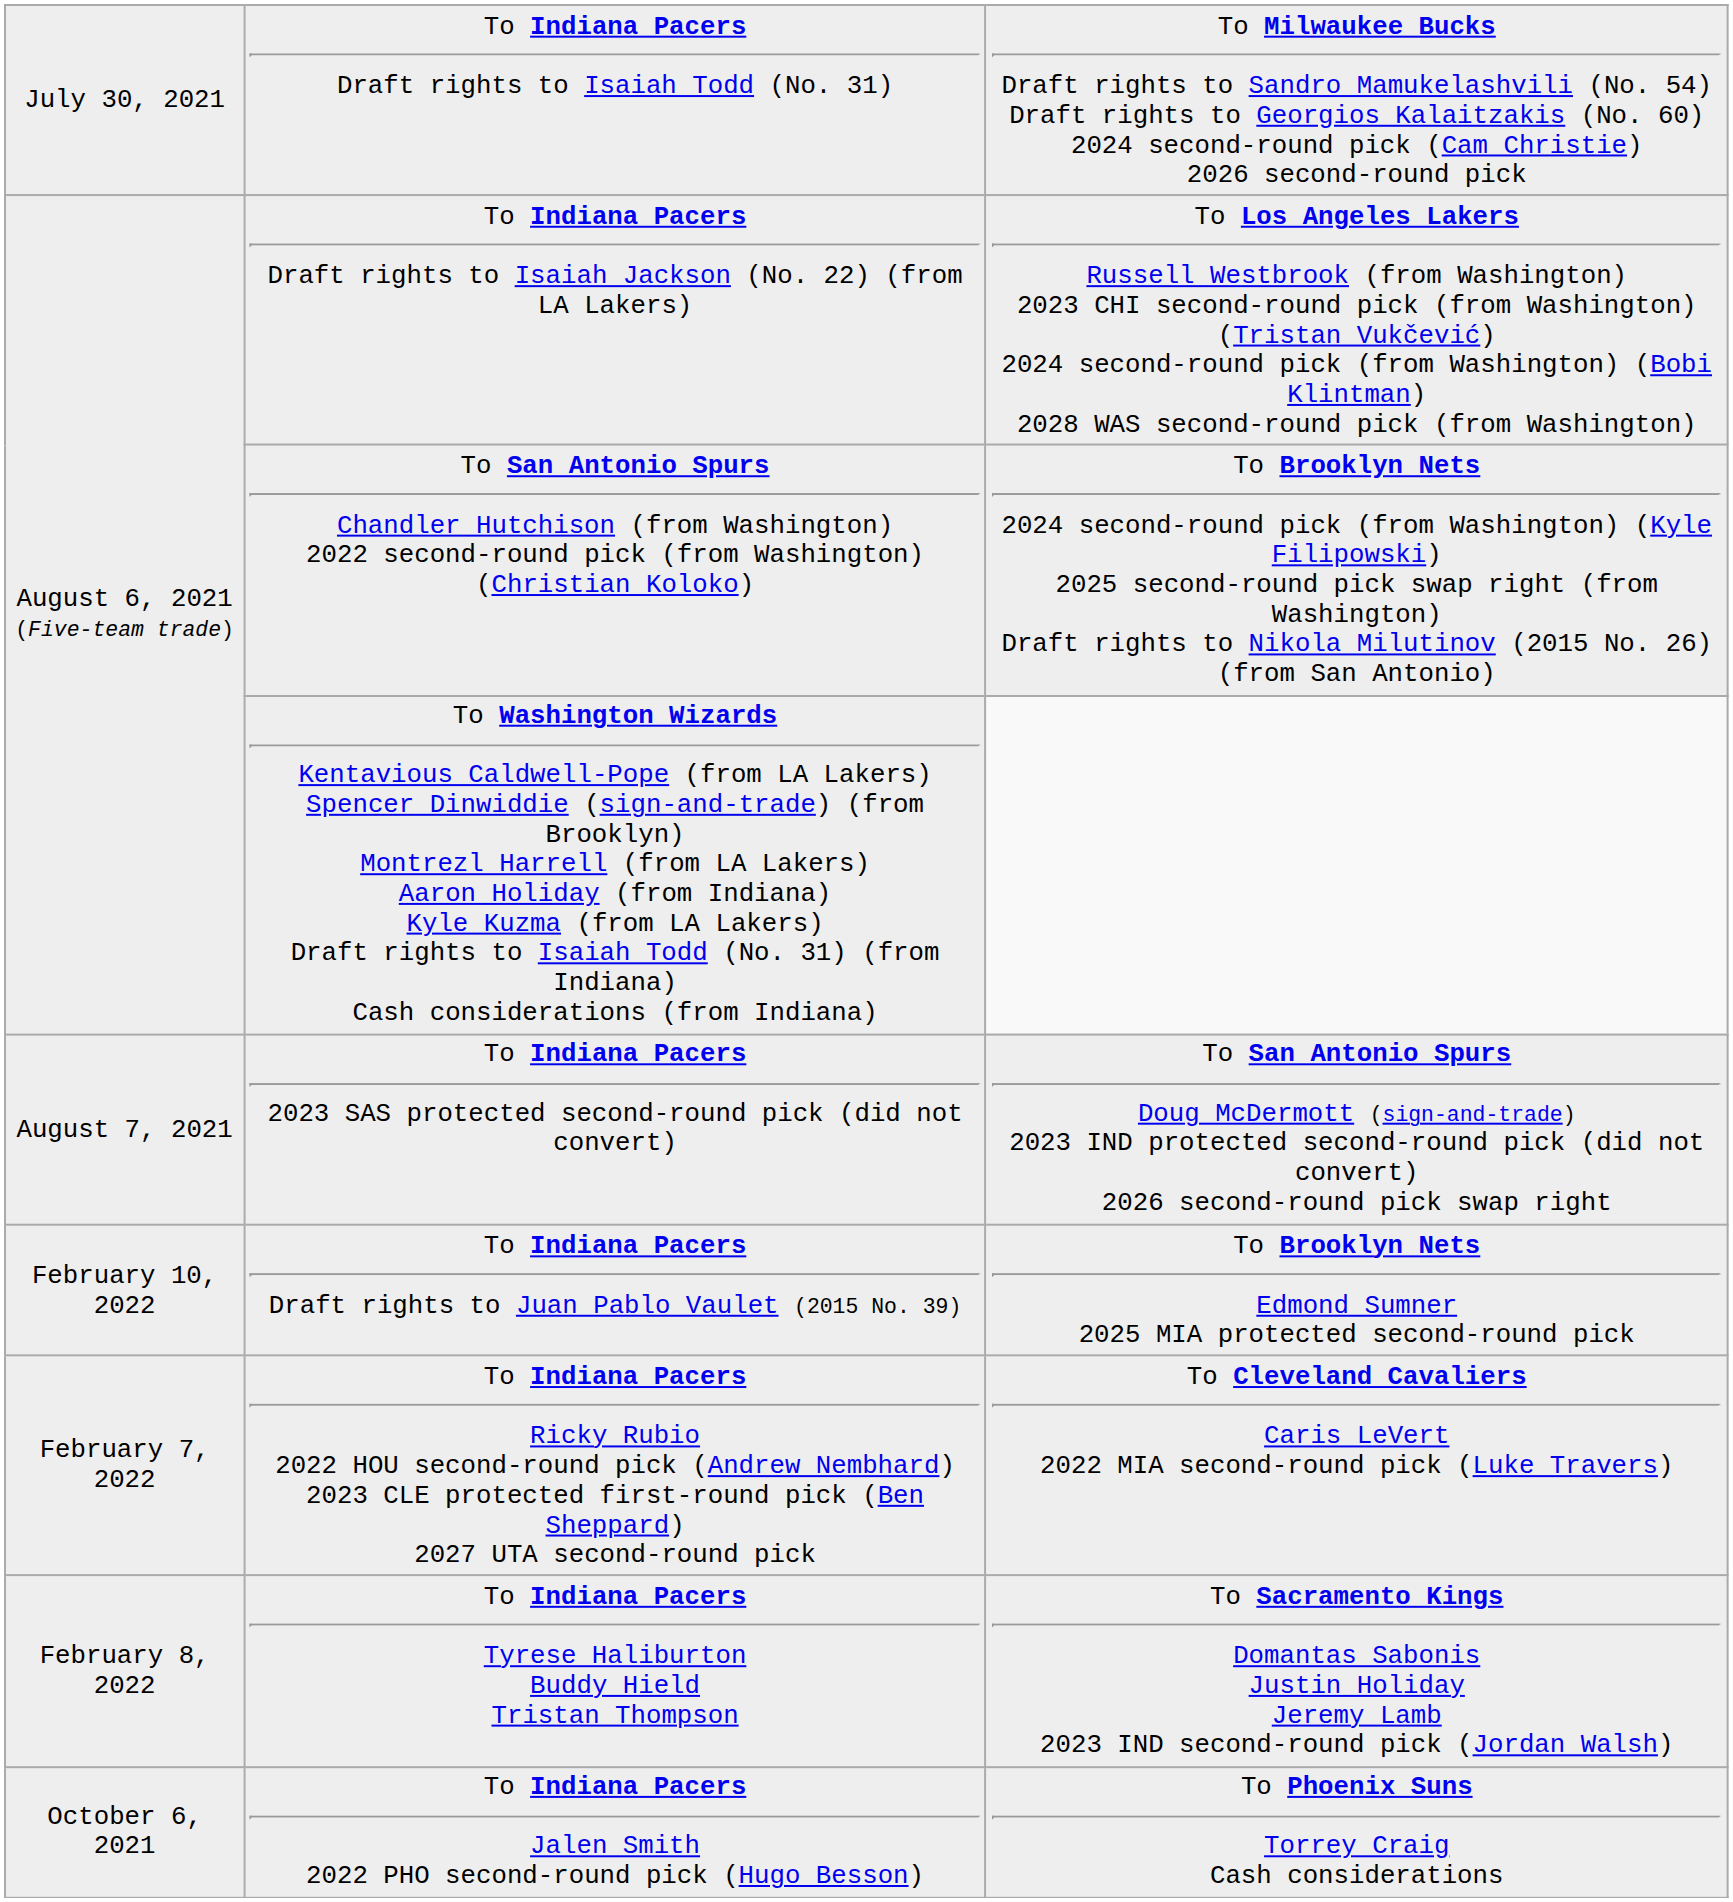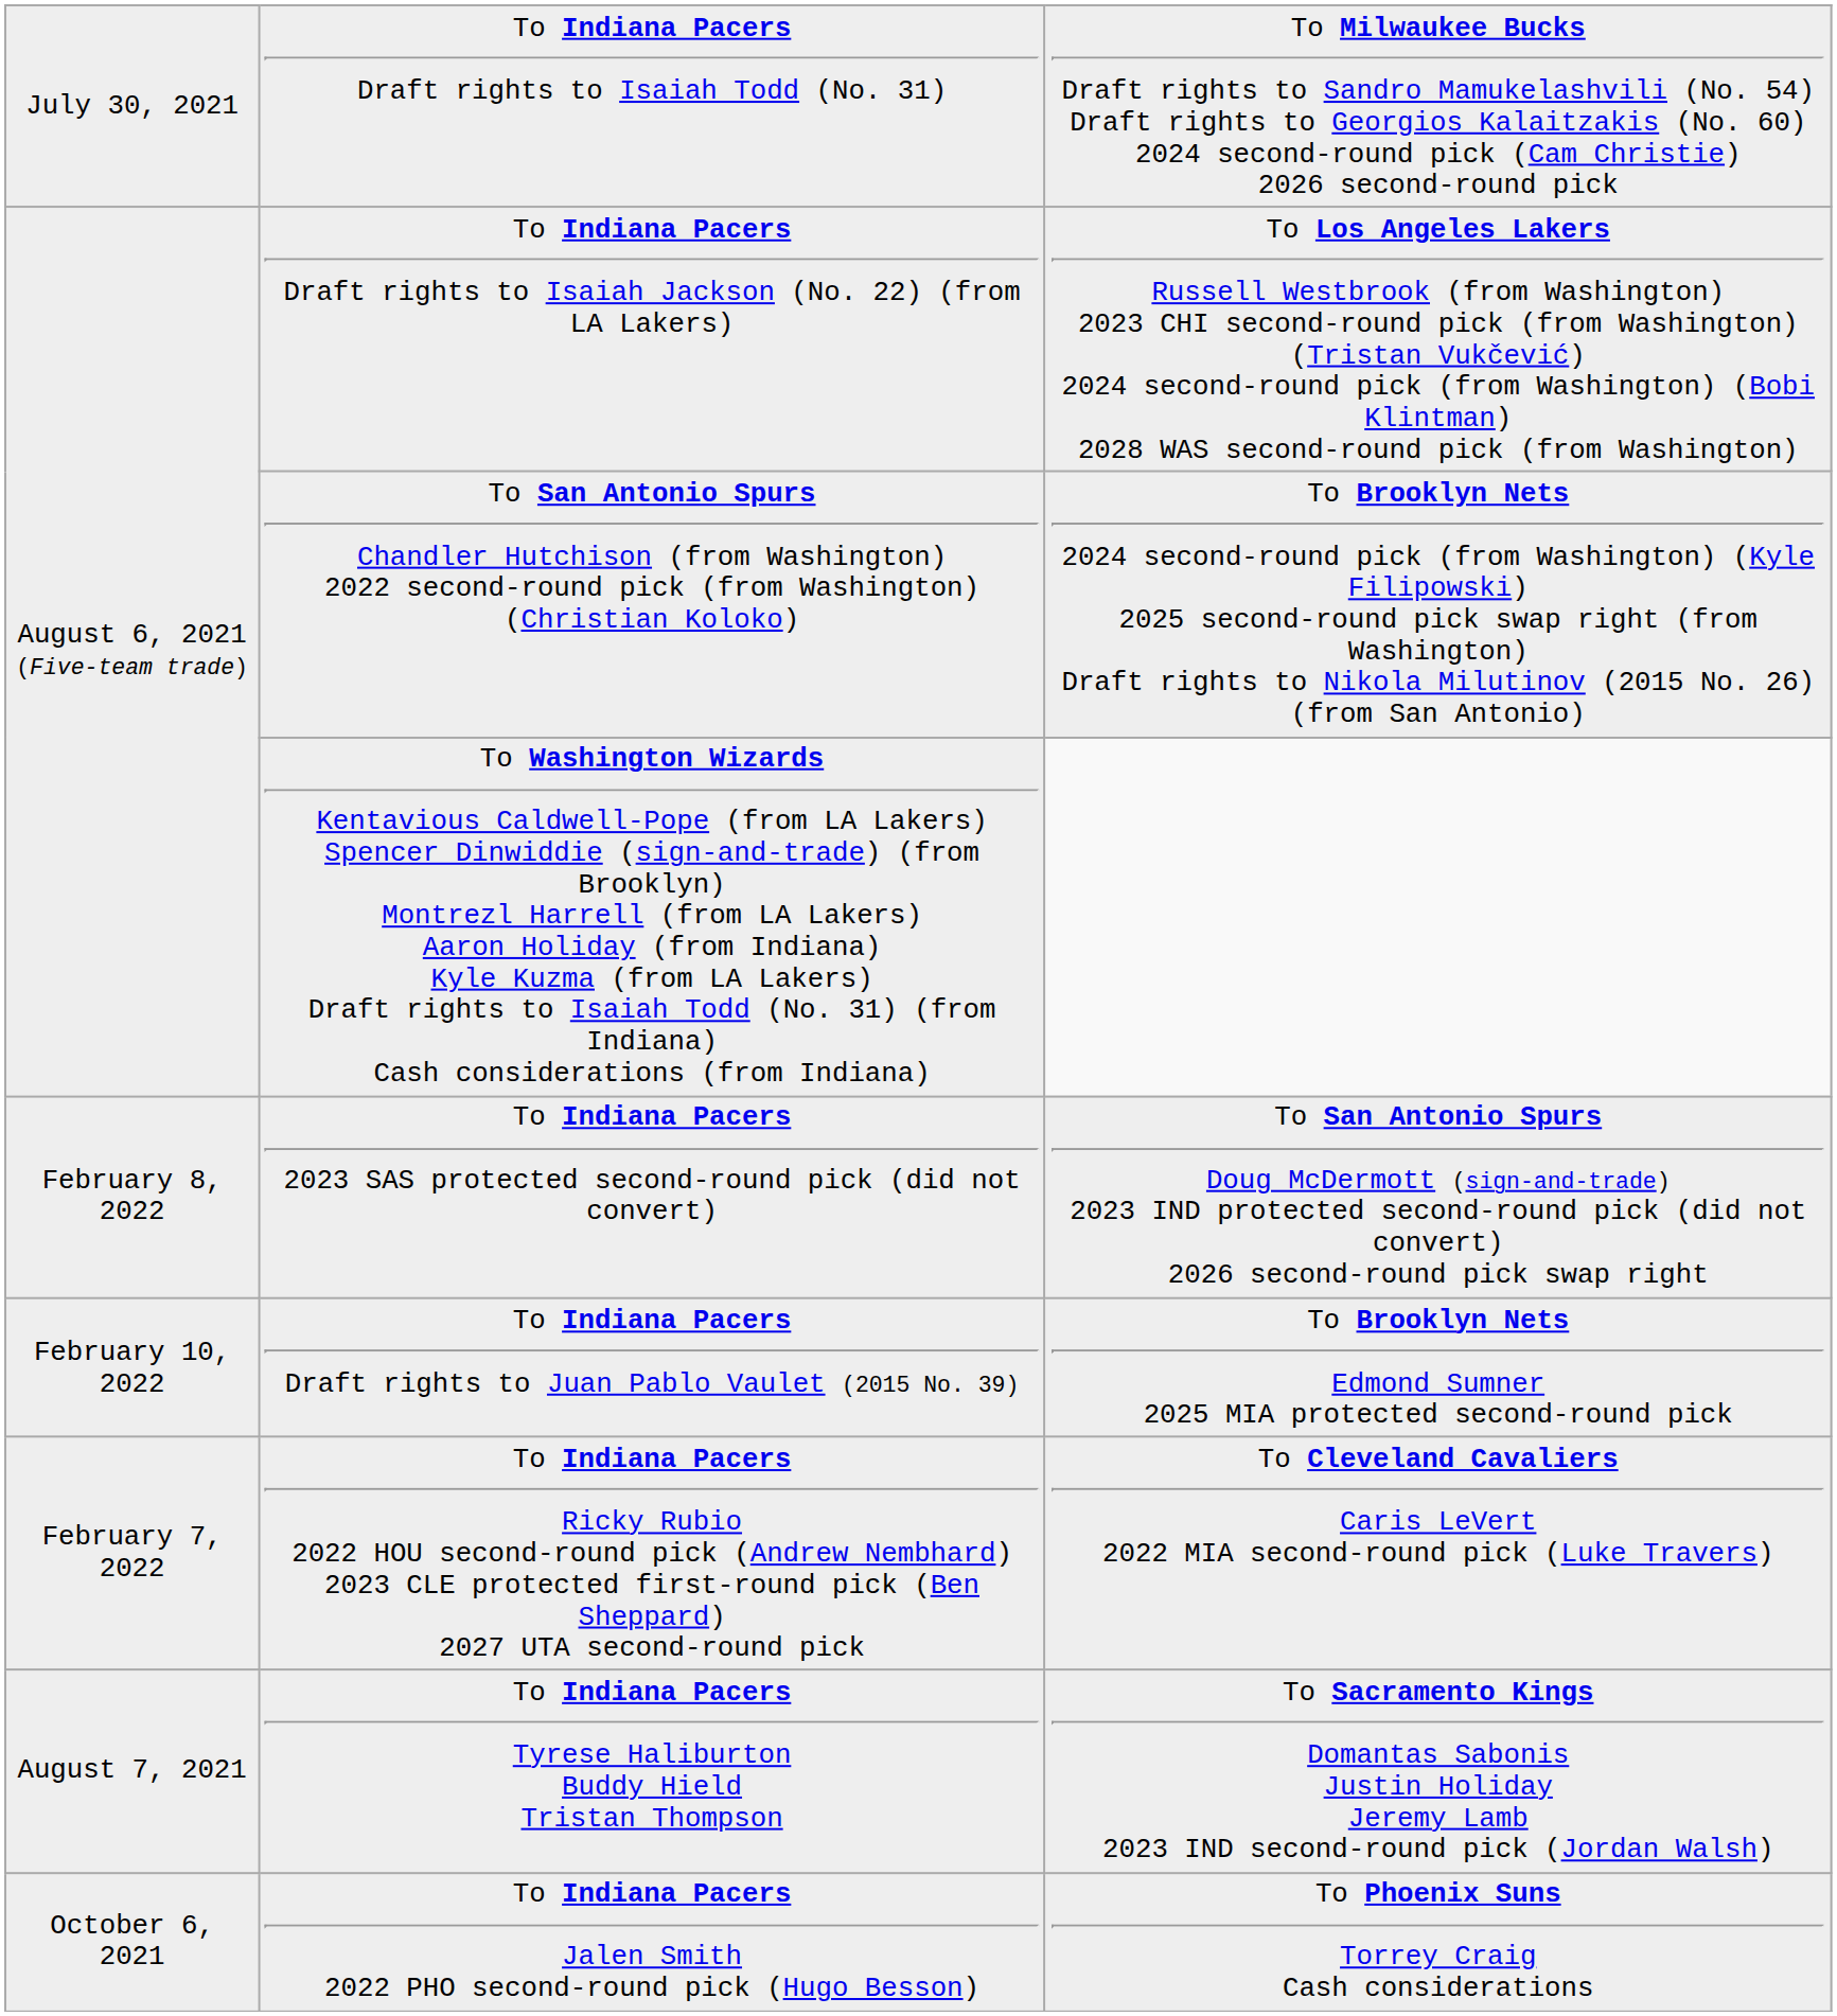 <table class="wikitable sortable sortable" style="text-align: center">
 <tr style="background:#eee;">
 <td style="width:10%">July 30, 2021</td>
 <td style="width:31%; vertical-align:top;">To <strong><a href='#'>Indiana Pacers</a></strong><hr>Draft rights to <a href='#'>Isaiah Todd</a> (No. 31)</td>
 <td style="width:31%; vertical-align:top;">To <strong><a href='#'>Milwaukee Bucks</a></strong><hr>Draft rights to <a href='#'>Sandro Mamukelashvili</a> (No. 54)<br>Draft rights to <a href='#'>Georgios Kalaitzakis</a> (No. 60)<br>2024 second-round pick (<a href='#'>Cam Christie</a>)<br>2026 second-round pick</td>
 </tr>
 <tr style="background:#eee;">
 <td rowspan="3">August 6, 2021<br><small>(<em>Five-team trade</em>)</small></td>
 <td style="vertical-align:top;">To <strong><a href='#'>Indiana Pacers</a></strong><hr>Draft rights to <a href='#'>Isaiah Jackson</a> (No. 22) (from LA Lakers)</td>
 <td style="vertical-align:top;">To <strong><a href='#'>Los Angeles Lakers</a></strong><hr><a href='#'>Russell Westbrook</a> (from Washington)<br>2023 CHI second-round pick (from Washington) (<a href='#'>Tristan Vukčević</a>)<br>2024 second-round pick (from Washington) (<a href='#'>Bobi Klintman</a>)<br>2028 WAS second-round pick (from Washington)</td>
 </tr>
 <tr style="background:#eee;">
 <td style="vertical-align:top;">To <strong><a href='#'>San Antonio Spurs</a></strong><hr><a href='#'>Chandler Hutchison</a> (from Washington)<br>2022 second-round pick (from Washington) (<a href='#'>Christian Koloko</a>)</td>
 <td style="vertical-align:top;">To <strong><a href='#'>Brooklyn Nets</a></strong><hr>2024 second-round pick (from Washington) (<a href='#'>Kyle Filipowski</a>)<br>2025 second-round pick swap right (from Washington)<br>Draft rights to <a href='#'>Nikola Milutinov</a> (2015 No. 26) (from San Antonio)</td>
 </tr>
 <tr style="background:#eee;">
 <td style="vertical-align:top;">To <strong><a href='#'>Washington Wizards</a></strong><hr><a href='#'>Kentavious Caldwell-Pope</a> (from LA Lakers)<br><a href='#'>Spencer Dinwiddie</a> (<a href='#'>sign-and-trade</a>) (from Brooklyn)<br><a href='#'>Montrezl Harrell</a> (from LA Lakers)<br><a href='#'>Aaron Holiday</a> (from Indiana)<br><a href='#'>Kyle Kuzma</a> (from LA Lakers)<br>Draft rights to <a href='#'>Isaiah Todd</a> (No. 31) (from Indiana)<br>Cash considerations (from Indiana)</td>
 </tr>
 <tr style="background:#eee;">
-<td style="width:10%">August 7, 2021</td>
+<td style="width:10%">February 8, 2022</td>
 <td style="width:31%; vertical-align:top;">To <strong><a href='#'>Indiana Pacers</a></strong><hr>2023 SAS protected second-round pick (did not convert)</td>
 <td style="width:31%; vertical-align:top;">To <strong><a href='#'>San Antonio Spurs</a></strong><hr><a href='#'>Doug McDermott</a> <small>(<a href='#'>sign-and-trade</a>)</small><br>2023 IND protected second-round pick (did not convert)<br>2026 second-round pick swap right</td>
 </tr>
 <tr style="background:#eee;">
 <td style="width:10%">February 10, 2022</td>
 <td style="width:31%; vertical-align:top;">To <strong><a href='#'>Indiana Pacers</a></strong><hr>Draft rights to <a href='#'>Juan Pablo Vaulet</a> <small>(2015 No. 39)</small></td>
 <td style="width:31%; vertical-align:top;">To <strong><a href='#'>Brooklyn Nets</a></strong><hr><a href='#'>Edmond Sumner</a><br>2025 MIA protected second-round pick</td>
 </tr>
 <tr style="background:#eee;">
 <td style="width:10%">February 7, 2022</td>
 <td style="width:31%; vertical-align:top;">To <strong><a href='#'>Indiana Pacers</a></strong><hr><a href='#'>Ricky Rubio</a><br>2022 HOU second-round pick (<a href='#'>Andrew Nembhard</a>)<br>2023 CLE protected first-round pick (<a href='#'>Ben Sheppard</a>)<br>2027 UTA second-round pick</td>
 <td style="width:31%; vertical-align:top;">To <strong><a href='#'>Cleveland Cavaliers</a></strong><hr><a href='#'>Caris LeVert</a><br>2022 MIA second-round pick (<a href='#'>Luke Travers</a>)</td>
 </tr>
 <tr style="background:#eee;">
-<td style="width:10%">February 8, 2022</td>
+<td style="width:10%">August 7, 2021</td>
 <td style="width:31%; vertical-align:top;">To <strong><a href='#'>Indiana Pacers</a></strong><hr><a href='#'>Tyrese Haliburton</a><br><a href='#'>Buddy Hield</a><br><a href='#'>Tristan Thompson</a></td>
 <td style="width:31%; vertical-align:top;">To <strong><a href='#'>Sacramento Kings</a></strong><hr><a href='#'>Domantas Sabonis</a><br><a href='#'>Justin Holiday</a><br><a href='#'>Jeremy Lamb</a><br>2023 IND second-round pick (<a href='#'>Jordan Walsh</a>)</td>
 </tr>
 <tr style="background:#eee;">
 <td style="width:10%">October 6, 2021</td>
 <td style="width:31%; vertical-align:top;">To <strong><a href='#'>Indiana Pacers</a></strong><hr><a href='#'>Jalen Smith</a><br>2022 PHO second-round pick (<a href='#'>Hugo Besson</a>)</td>
 <td style="width:31%; vertical-align:top;">To <strong><a href='#'>Phoenix Suns</a></strong><hr><a href='#'>Torrey Craig</a><br>Cash considerations</td>
 </tr>
 <tr style="background:#eee;">
 </tr>
 </table>
